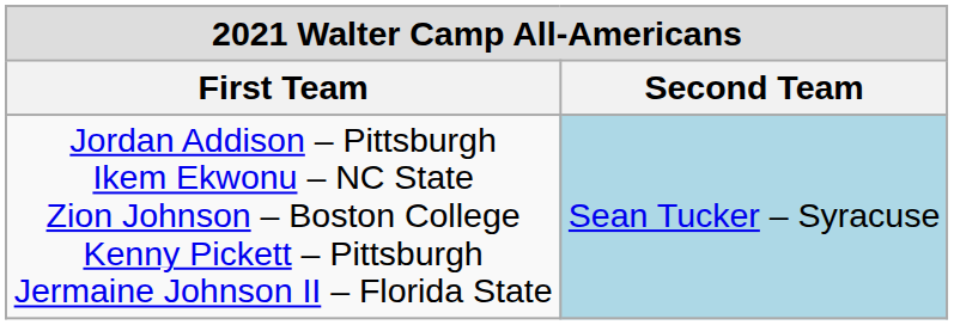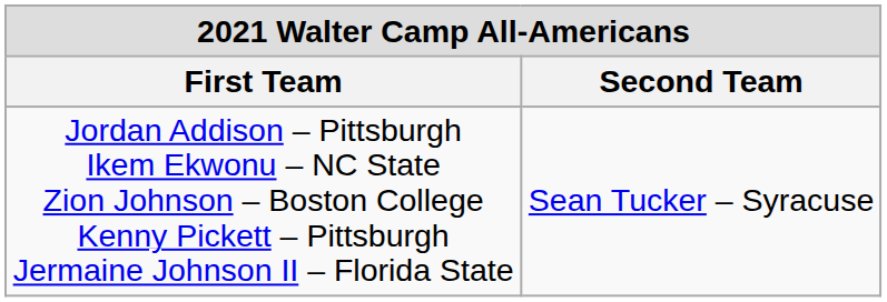 <table class="wikitable" style="white-space:nowrap; text-align:center; font-size:90%;">
 <tr>
 <td colspan="7" style="text-align:center; background:#ddd;"><strong>2021 Walter Camp All-Americans</strong></td>
 </tr>
 <tr>
 <th>First Team</th>
 <th>Second Team</th>
 </tr>
 <tr>
 <td><a href='#'>Jordan Addison</a> – Pittsburgh<br><a href='#'>Ikem Ekwonu</a> – NC State<br><a href='#'>Zion Johnson</a> – Boston College<br><a href='#'>Kenny Pickett</a> – Pittsburgh<br><a href='#'>Jermaine Johnson II</a> – Florida State</td>
-<td style="background: lightblue;"><a href='#'>Sean Tucker</a> – Syracuse</td>
+<td><a href='#'>Sean Tucker</a> – Syracuse</td>
 </tr>
 </table>
